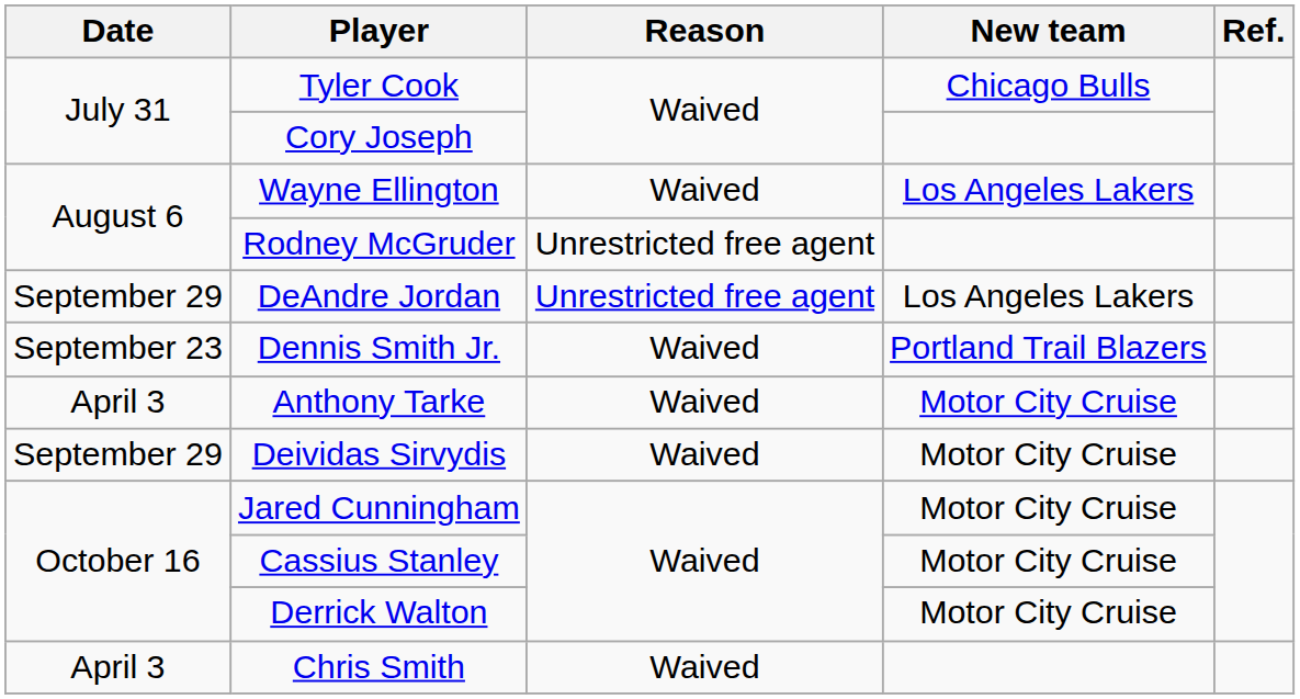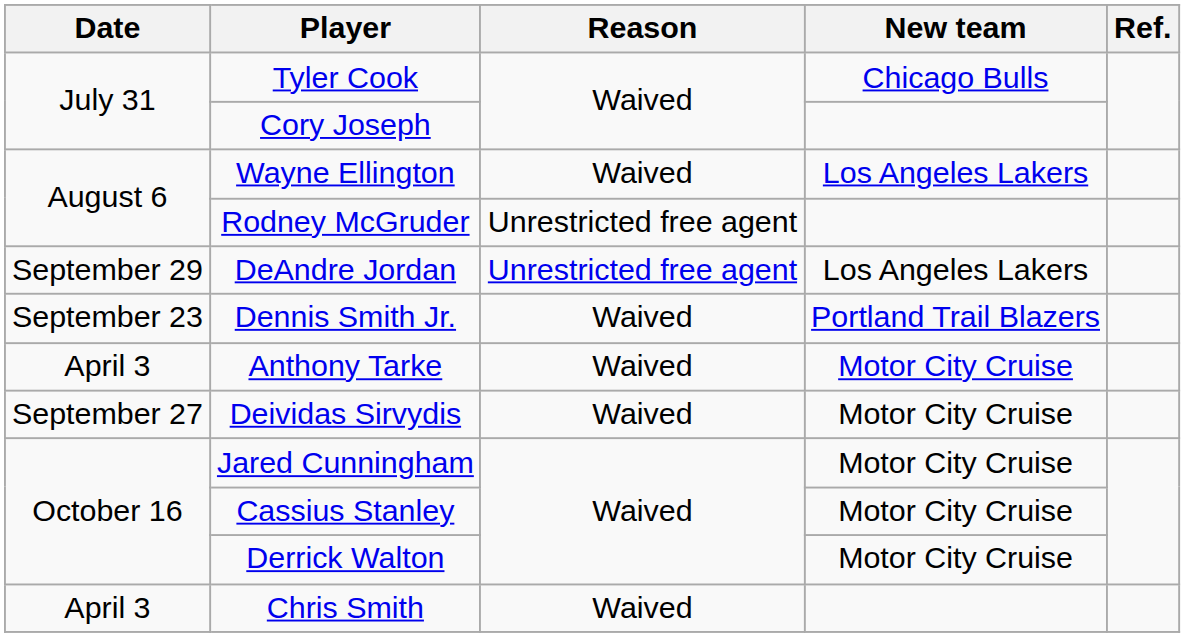 <table class="wikitable sortable sortable" style="text-align: center">
 <tr>
 <th>Date</th>
 <th>Player</th>
 <th>Reason</th>
 <th>New team</th>
 <th>Ref.</th>
 </tr>
 <tr style="text-align: center">
 <td rowspan="2">July 31</td>
 <td><a href='#'>Tyler Cook</a></td>
 <td rowspan="2">Waived</td>
 <td><a href='#'>Chicago Bulls</a></td>
 <td rowspan="2"></td>
 </tr>
 <tr style="text-align: center">
 <td><a href='#'>Cory Joseph</a></td>
 <td></td>
 </tr>
 <tr style="text-align: center">
 <td rowspan="2">August 6</td>
 <td><a href='#'>Wayne Ellington</a></td>
 <td>Waived</td>
 <td><a href='#'>Los Angeles Lakers</a></td>
 <td></td>
 </tr>
 <tr style="text-align: center">
 <td><a href='#'>Rodney McGruder</a></td>
 <td>Unrestricted free agent</td>
 <td></td>
 <td></td>
 </tr>
 <tr style="text-align: center">
 <td>September 29</td>
 <td><a href='#'>DeAndre Jordan</a></td>
 <td><a href='#'>Unrestricted free agent</a></td>
 <td>Los Angeles Lakers</td>
 <td></td>
 </tr>
 <tr style="text-align: center">
 <td>September 23</td>
 <td><a href='#'>Dennis Smith Jr.</a></td>
 <td>Waived</td>
 <td><a href='#'>Portland Trail Blazers</a></td>
 <td></td>
 </tr>
 <tr style="text-align: center">
 <td>April 3</td>
 <td><a href='#'>Anthony Tarke</a></td>
 <td>Waived</td>
 <td><a href='#'>Motor City Cruise</a></td>
 <td></td>
 </tr>
 <tr style="text-align: center">
-<td>September 29</td>
+<td>September 27</td>
 <td><a href='#'>Deividas Sirvydis</a></td>
 <td>Waived</td>
 <td>Motor City Cruise</td>
 <td></td>
 </tr>
 <tr style="text-align: center">
 <td rowspan="3">October 16</td>
 <td><a href='#'>Jared Cunningham</a></td>
 <td rowspan="3">Waived</td>
 <td>Motor City Cruise</td>
 <td rowspan="3"></td>
 </tr>
 <tr style="text-align: center">
 <td><a href='#'>Cassius Stanley</a></td>
 <td>Motor City Cruise</td>
 </tr>
 <tr style="text-align: center">
 <td><a href='#'>Derrick Walton</a></td>
 <td>Motor City Cruise</td>
 </tr>
 <tr style="text-align: center">
 <td>April 3</td>
 <td><a href='#'>Chris Smith</a></td>
 <td>Waived</td>
 <td></td>
 <td></td>
 </tr>
 </table>
